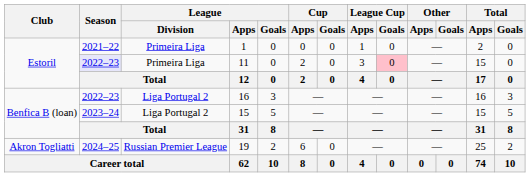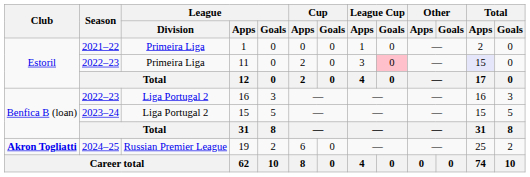 <table class="wikitable" style="text-align: center;">
 <tr>
 <th rowspan="2">Club</th>
 <th rowspan="2">Season</th>
 <th colspan="3">League</th>
 <th colspan="2">Cup</th>
 <th colspan="2">League Cup</th>
 <th colspan="2">Other</th>
 <th colspan="2">Total</th>
 </tr>
 <tr>
 <th>Division</th>
 <th>Apps</th>
 <th>Goals</th>
 <th>Apps</th>
 <th>Goals</th>
 <th>Apps</th>
 <th>Goals</th>
 <th>Apps</th>
 <th>Goals</th>
 <th>Apps</th>
 <th>Goals</th>
 </tr>
 <tr>
 <td rowspan="3"><a href='#'>Estoril</a></td>
 <td><a href='#'>2021–22</a></td>
 <td><a href='#'>Primeira Liga</a></td>
 <td>1</td>
 <td>0</td>
 <td>0</td>
 <td>0</td>
 <td>1</td>
 <td>0</td>
 <td colspan="2">—</td>
 <td>2</td>
 <td>0</td>
 </tr>
 <tr>
-<td style="background: lavender;"><a href='#'>2022–23</a></td>
+<td><a href='#'>2022–23</a></td>
 <td>Primeira Liga</td>
 <td>11</td>
 <td>0</td>
 <td>2</td>
 <td>0</td>
 <td>3</td>
 <td style="background: pink;">0</td>
 <td colspan="2">—</td>
-<td>15</td>
+<td style="background: lavender;">15</td>
 <td>0</td>
 </tr>
 <tr>
 <th colspan="2">Total</th>
 <th>12</th>
 <th>0</th>
 <th>2</th>
 <th>0</th>
 <th>4</th>
 <th>0</th>
 <th colspan="2">—</th>
 <th>17</th>
 <th>0</th>
 </tr>
 <tr>
 <td rowspan="3"><a href='#'>Benfica B</a> (loan)</td>
 <td><a href='#'>2022–23</a></td>
 <td><a href='#'>Liga Portugal 2</a></td>
 <td>16</td>
 <td>3</td>
 <td colspan="2">—</td>
 <td colspan="2">—</td>
 <td colspan="2">—</td>
 <td>16</td>
 <td>3</td>
 </tr>
 <tr>
 <td><a href='#'>2023–24</a></td>
 <td>Liga Portugal 2</td>
 <td>15</td>
 <td>5</td>
 <td colspan="2">—</td>
 <td colspan="2">—</td>
 <td colspan="2">—</td>
 <td>15</td>
 <td>5</td>
 </tr>
 <tr>
 <th colspan="2">Total</th>
 <th>31</th>
 <th>8</th>
 <th colspan="2">—</th>
 <th colspan="2">—</th>
 <th colspan="2">—</th>
 <th>31</th>
 <th>8</th>
 </tr>
 <tr>
-<td><a href='#'>Akron Togliatti</a></td>
+<td><strong><a href='#'>Akron Togliatti</a></strong></td>
 <td><a href='#'>2024–25</a></td>
 <td><a href='#'>Russian Premier League</a></td>
 <td>19</td>
 <td>2</td>
 <td>6</td>
 <td>0</td>
 <td colspan="2">—</td>
 <td colspan="2">—</td>
 <td>25</td>
 <td>2</td>
 </tr>
 <tr>
 <th colspan="3">Career total</th>
 <th>62</th>
 <th>10</th>
 <th>8</th>
 <th>0</th>
 <th>4</th>
 <th>0</th>
 <th>0</th>
 <th>0</th>
 <th>74</th>
 <th>10</th>
 </tr>
 </table>
